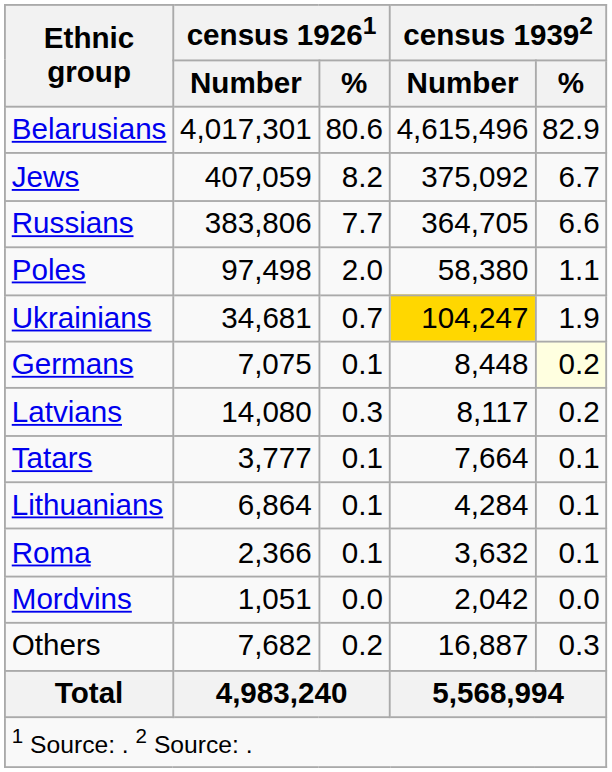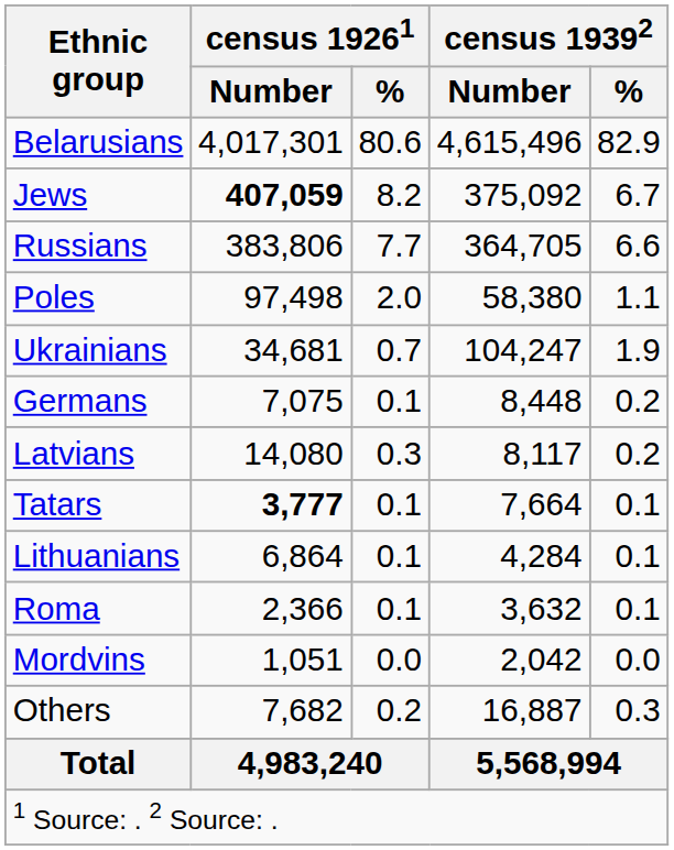 <table class="wikitable">
 <tr bgcolor="#e0e0e0">
 <th rowspan="2">Ethnic<br>group</th>
 <th colspan="2">census 1926<sup>1</sup></th>
 <th colspan="2">census 1939<sup>2</sup></th>
 </tr>
 <tr bgcolor="#e0e0e0">
 <th>Number</th>
 <th>%</th>
 <th>Number</th>
 <th>%</th>
 </tr>
 <tr>
 <td><a href='#'>Belarusians</a></td>
 <td align="right">4,017,301</td>
 <td align="right">80.6</td>
 <td align="right">4,615,496</td>
 <td align="right">82.9</td>
 </tr>
 <tr>
 <td><a href='#'>Jews</a></td>
-<td align="right">407,059</td>
+<td align="right"><strong>407,059</strong></td>
 <td align="right">8.2</td>
 <td align="right">375,092</td>
 <td align="right">6.7</td>
 </tr>
 <tr>
 <td><a href='#'>Russians</a></td>
 <td align="right">383,806</td>
 <td align="right">7.7</td>
 <td align="right">364,705</td>
 <td align="right">6.6</td>
 </tr>
 <tr>
 <td><a href='#'>Poles</a></td>
 <td align="right">97,498</td>
 <td align="right">2.0</td>
 <td align="right">58,380</td>
 <td align="right">1.1</td>
 </tr>
 <tr>
 <td><a href='#'>Ukrainians</a></td>
 <td align="right">34,681</td>
 <td align="right">0.7</td>
-<td align="right" style="background: gold;">104,247</td>
+<td align="right">104,247</td>
 <td align="right">1.9</td>
 </tr>
 <tr>
 <td><a href='#'>Germans</a></td>
 <td align="right">7,075</td>
 <td align="right">0.1</td>
 <td align="right">8,448</td>
-<td align="right" style="background: lightyellow;">0.2</td>
+<td align="right">0.2</td>
 </tr>
 <tr>
 <td><a href='#'>Latvians</a></td>
 <td align="right">14,080</td>
 <td align="right">0.3</td>
 <td align="right">8,117</td>
 <td align="right">0.2</td>
 </tr>
 <tr>
 <td><a href='#'>Tatars</a></td>
-<td align="right">3,777</td>
+<td align="right"><strong>3,777</strong></td>
 <td align="right">0.1</td>
 <td align="right">7,664</td>
 <td align="right">0.1</td>
 </tr>
 <tr>
 <td><a href='#'>Lithuanians</a></td>
 <td align="right">6,864</td>
 <td align="right">0.1</td>
 <td align="right">4,284</td>
 <td align="right">0.1</td>
 </tr>
 <tr>
 <td><a href='#'>Roma</a></td>
 <td align="right">2,366</td>
 <td align="right">0.1</td>
 <td align="right">3,632</td>
 <td align="right">0.1</td>
 </tr>
 <tr>
 <td><a href='#'>Mordvins</a></td>
 <td align="right">1,051</td>
 <td align="right">0.0</td>
 <td align="right">2,042</td>
 <td align="right">0.0</td>
 </tr>
 <tr>
 <td>Others</td>
 <td align="right">7,682</td>
 <td align="right">0.2</td>
 <td align="right">16,887</td>
 <td align="right">0.3</td>
 </tr>
 <tr bgcolor="#e0e0e0">
 <th align="left">Total</th>
 <th colspan="2">4,983,240</th>
 <th colspan="2">5,568,994</th>
 </tr>
 <tr>
 <td colspan="5"><small><sup>1</sup> Source: . <sup>2</sup> Source:  .  </small></td>
 </tr>
 </table>
